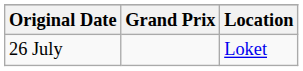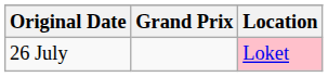 <table class="wikitable" style="font-size: 85%;">
 <tr>
 </tr>
 <tr>
 <th scope="col">Original Date</th>
 <th scope="col">Grand Prix</th>
 <th scope="col">Location</th>
 </tr>
 <tr>
 <td>26 July</td>
 <td></td>
-<td><a href='#'>Loket</a></td>
+<td style="background: pink;"><a href='#'>Loket</a></td>
 </tr>
 </table>
